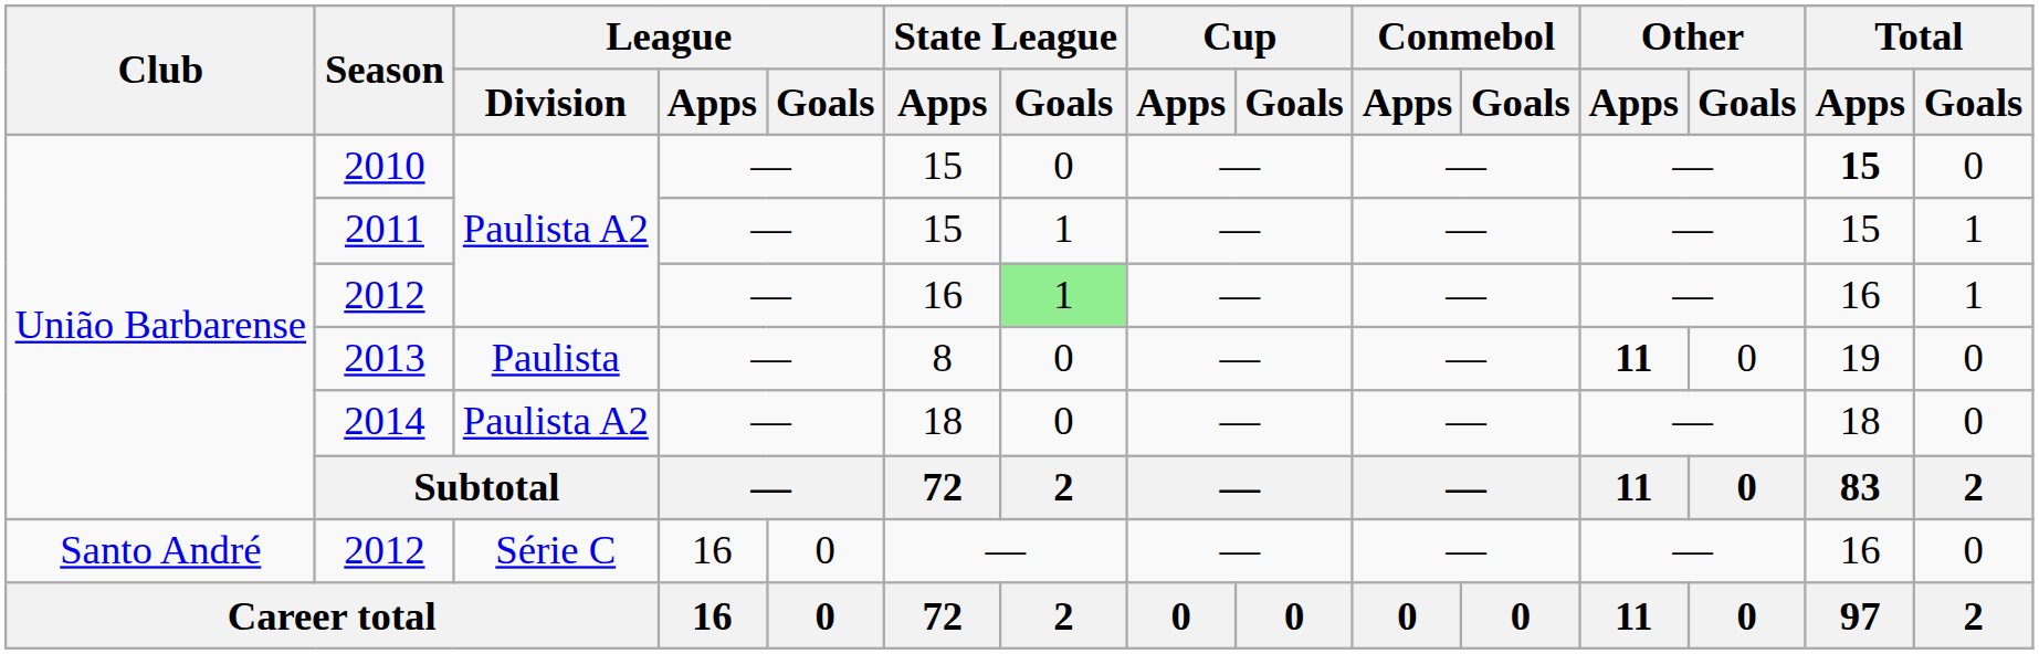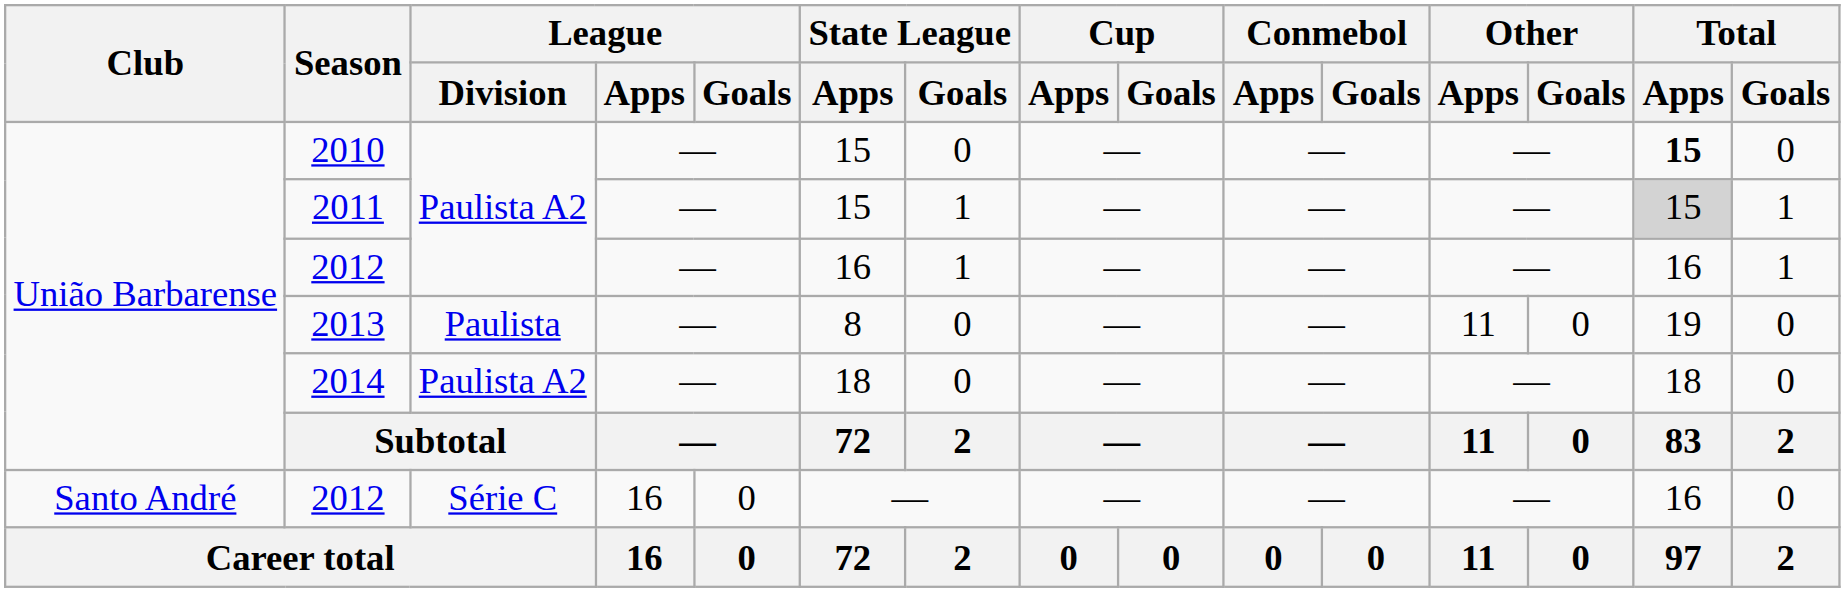 <table class="wikitable" style="text-align: center;">
 <tr>
 <th rowspan="2">Club</th>
 <th rowspan="2">Season</th>
 <th colspan="3">League</th>
 <th colspan="2">State League</th>
 <th colspan="2">Cup</th>
 <th colspan="2">Conmebol</th>
 <th colspan="2">Other</th>
 <th colspan="2">Total</th>
 </tr>
 <tr>
 <th>Division</th>
 <th>Apps</th>
 <th>Goals</th>
 <th>Apps</th>
 <th>Goals</th>
 <th>Apps</th>
 <th>Goals</th>
 <th>Apps</th>
 <th>Goals</th>
 <th>Apps</th>
 <th>Goals</th>
 <th>Apps</th>
 <th>Goals</th>
 </tr>
 <tr>
 <td rowspan=6 valign="center"><a href='#'>União Barbarense</a></td>
 <td><a href='#'>2010</a></td>
 <td rowspan=3><a href='#'>Paulista A2</a></td>
 <td colspan="2">—</td>
 <td>15</td>
 <td>0</td>
 <td colspan="2">—</td>
 <td colspan="2">—</td>
 <td colspan="2">—</td>
 <td><strong>15</strong></td>
 <td>0</td>
 </tr>
 <tr>
 <td><a href='#'>2011</a></td>
 <td colspan="2">—</td>
 <td>15</td>
 <td>1</td>
 <td colspan="2">—</td>
 <td colspan="2">—</td>
 <td colspan="2">—</td>
-<td>15</td>
+<td style="background: lightgrey;">15</td>
 <td>1</td>
 </tr>
 <tr>
 <td><a href='#'>2012</a></td>
 <td colspan="2">—</td>
 <td>16</td>
-<td style="background: lightgreen;">1</td>
+<td>1</td>
 <td colspan="2">—</td>
 <td colspan="2">—</td>
 <td colspan="2">—</td>
 <td>16</td>
 <td>1</td>
 </tr>
 <tr>
 <td><a href='#'>2013</a></td>
 <td><a href='#'>Paulista</a></td>
 <td colspan="2">—</td>
 <td>8</td>
 <td>0</td>
 <td colspan="2">—</td>
 <td colspan="2">—</td>
-<td><strong>11</strong></td>
+<td>11</td>
 <td>0</td>
 <td>19</td>
 <td>0</td>
 </tr>
 <tr>
 <td><a href='#'>2014</a></td>
 <td><a href='#'>Paulista A2</a></td>
 <td colspan="2">—</td>
 <td>18</td>
 <td>0</td>
 <td colspan="2">—</td>
 <td colspan="2">—</td>
 <td colspan="2">—</td>
 <td>18</td>
 <td>0</td>
 </tr>
 <tr>
 <th colspan="2"><strong>Subtotal</strong></th>
 <th colspan="2">—</th>
 <th>72</th>
 <th>2</th>
 <th colspan="2">—</th>
 <th colspan="2">—</th>
 <th>11</th>
 <th>0</th>
 <th>83</th>
 <th>2</th>
 </tr>
 <tr>
 <td valign="center"><a href='#'>Santo André</a></td>
 <td><a href='#'>2012</a></td>
 <td><a href='#'>Série C</a></td>
 <td>16</td>
 <td>0</td>
 <td colspan="2">—</td>
 <td colspan="2">—</td>
 <td colspan="2">—</td>
 <td colspan="2">—</td>
 <td>16</td>
 <td>0</td>
 </tr>
 <tr>
 <th colspan="3"><strong>Career total</strong></th>
 <th>16</th>
 <th>0</th>
 <th>72</th>
 <th>2</th>
 <th>0</th>
 <th>0</th>
 <th>0</th>
 <th>0</th>
 <th>11</th>
 <th>0</th>
 <th>97</th>
 <th>2</th>
 </tr>
 </table>
